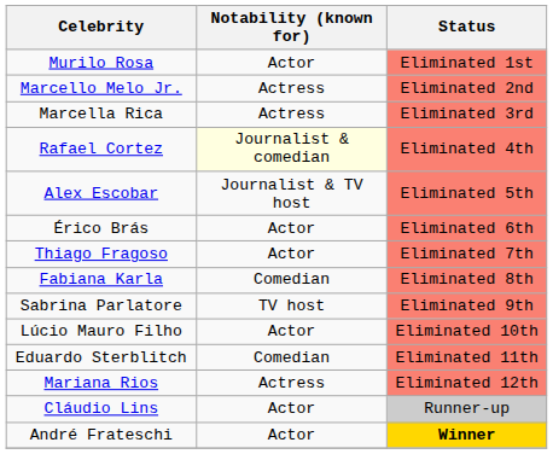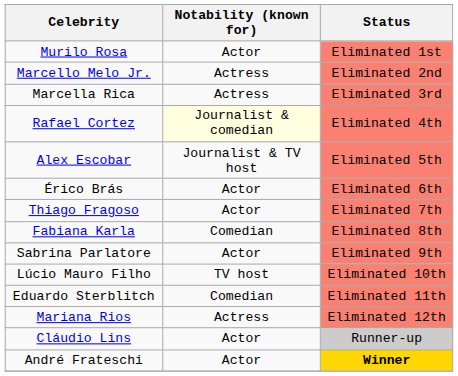 <table class= "wikitable sortable" style="text-align: center; margin:auto; align: center">
 <tr>
 <th width=150>Celebrity</th>
 <th width=150>Notability (known for)</th>
 <th width=125>Status</th>
 </tr>
 <tr>
 <td><a href='#'>Murilo Rosa</a></td>
 <td>Actor</td>
 <td bgcolor="FA8072">Eliminated 1st<br></td>
 </tr>
 <tr>
 <td><a href='#'>Marcello Melo Jr.</a></td>
 <td>Actress</td>
 <td bgcolor="FA8072">Eliminated 2nd<br></td>
 </tr>
 <tr>
 <td>Marcella Rica</td>
 <td>Actress</td>
 <td bgcolor="FA8072">Eliminated 3rd<br></td>
 </tr>
 <tr>
 <td><a href='#'>Rafael Cortez</a></td>
 <td style="background: lightyellow;">Journalist & comedian</td>
 <td bgcolor="FA8072">Eliminated 4th<br></td>
 </tr>
 <tr>
 <td><a href='#'>Alex Escobar</a></td>
 <td>Journalist & TV host</td>
 <td bgcolor="FA8072">Eliminated 5th<br></td>
 </tr>
 <tr>
 <td>Érico Brás</td>
 <td>Actor</td>
 <td bgcolor="FA8072">Eliminated 6th<br></td>
 </tr>
 <tr>
 <td><a href='#'>Thiago Fragoso</a></td>
 <td>Actor</td>
 <td bgcolor="FA8072">Eliminated 7th<br></td>
 </tr>
 <tr>
 <td><a href='#'>Fabiana Karla</a></td>
 <td>Comedian</td>
 <td bgcolor="FA8072">Eliminated 8th<br></td>
 </tr>
 <tr>
 <td>Sabrina Parlatore</td>
-<td>TV host</td>
+<td>Actor</td>
 <td bgcolor="FA8072">Eliminated 9th<br></td>
 </tr>
 <tr>
 <td>Lúcio Mauro Filho</td>
-<td>Actor</td>
+<td>TV host</td>
 <td bgcolor="FA8072">Eliminated 10th<br></td>
 </tr>
 <tr>
 <td>Eduardo Sterblitch</td>
 <td>Comedian</td>
 <td bgcolor="FA8072">Eliminated 11th<br></td>
 </tr>
 <tr>
 <td><a href='#'>Mariana Rios</a></td>
 <td>Actress</td>
 <td bgcolor="FA8072">Eliminated 12th<br></td>
 </tr>
 <tr>
 <td><a href='#'>Cláudio Lins</a></td>
 <td>Actor</td>
 <td bgcolor="CCCCCC">Runner-up<br></td>
 </tr>
 <tr>
 <td>André Frateschi</td>
 <td>Actor</td>
 <td bgcolor="FFD700"><strong>Winner</strong><br></td>
 </tr>
 <tr>
 </tr>
 </table>
